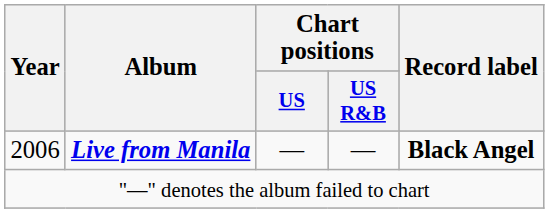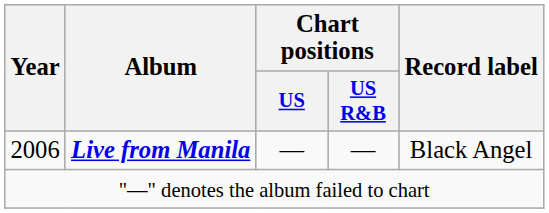 <table class="wikitable" style="text-align:center;">
 <tr>
 <th rowspan="2">Year</th>
 <th rowspan="2">Album</th>
 <th colspan="2">Chart positions</th>
 <th rowspan="2">Record label</th>
 </tr>
 <tr style="font-size:smaller;">
 <th width="40"><a href='#'>US</a></th>
 <th width="40"><a href='#'>US<br>R&B</a></th>
 </tr>
 <tr>
 <td rowspan="1">2006</td>
 <td align="left"><strong><em><a href='#'>Live from Manila</a></em></strong></td>
 <td>—</td>
 <td>—</td>
-<td rowspan="1"><strong>Black Angel</strong></td>
+<td rowspan="1">Black Angel</td>
 </tr>
 <tr>
 <td align="center" colspan="7"><small>"—" denotes the album failed to chart</small></td>
 </tr>
 </table>
